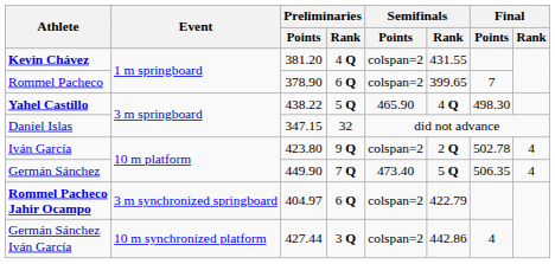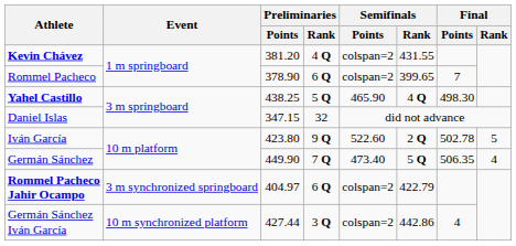 <table class=wikitable style="font-size:90%;">
 <tr>
 <th rowspan="2">Athlete</th>
 <th rowspan="2">Event</th>
 <th colspan="2">Preliminaries</th>
 <th colspan="2">Semifinals</th>
 <th colspan="2">Final</th>
 </tr>
 <tr style="font-size:95%">
 <th>Points</th>
 <th>Rank</th>
 <th>Points</th>
 <th>Rank</th>
 <th>Points</th>
 <th>Rank</th>
 </tr>
 <tr align=center>
 <td align=left><strong><a href='#'>Kevin Chávez</a></strong></td>
 <td align=left rowspan=2><a href='#'>1 m springboard</a></td>
 <td>381.20</td>
 <td>4 <strong>Q</strong></td>
 <td>colspan=2 </td>
 <td>431.55</td>
 <td></td>
 </tr>
 <tr align=center>
 <td align=left><a href='#'>Rommel Pacheco</a></td>
 <td>378.90</td>
 <td>6 <strong>Q</strong></td>
 <td>colspan=2 </td>
 <td>399.65</td>
 <td>7</td>
 </tr>
 <tr align=center>
 <td align=left><strong><a href='#'>Yahel Castillo</a></strong></td>
 <td align=left rowspan=2><a href='#'>3 m springboard</a></td>
-<td>438.22</td>
+<td>438.25</td>
 <td>5 <strong>Q</strong></td>
 <td>465.90</td>
 <td>4 <strong>Q</strong></td>
 <td>498.30</td>
 <td></td>
 </tr>
 <tr align=center>
 <td align=left><a href='#'>Daniel Islas</a></td>
 <td>347.15</td>
 <td>32</td>
 <td colspan=4>did not advance</td>
 </tr>
 <tr align=center>
 <td align=left><a href='#'>Iván García</a></td>
 <td align=left rowspan=2><a href='#'>10 m platform</a></td>
 <td>423.80</td>
 <td>9 <strong>Q</strong></td>
-<td>colspan=2 </td>
+<td>522.60</td>
 <td>2 <strong>Q</strong></td>
 <td>502.78</td>
-<td>4</td>
+<td>5</td>
 </tr>
 <tr align=center>
 <td align=left><a href='#'>Germán Sánchez</a></td>
 <td>449.90</td>
 <td>7 <strong>Q</strong></td>
 <td>473.40</td>
 <td>5 <strong>Q</strong></td>
 <td>506.35</td>
 <td>4</td>
 </tr>
 <tr align=center>
 <td align=left><strong><a href='#'>Rommel Pacheco</a><br><a href='#'>Jahir Ocampo</a></strong></td>
 <td align=left><a href='#'>3 m synchronized springboard</a></td>
 <td>404.97</td>
 <td>6 <strong>Q</strong></td>
 <td>colspan=2 </td>
 <td>422.79</td>
 <td></td>
 </tr>
 <tr align=center>
 <td align="left"><a href='#'>Germán Sánchez</a><br><a href='#'>Iván García</a></td>
 <td align=left><a href='#'>10 m synchronized platform</a></td>
 <td>427.44</td>
 <td>3 <strong>Q</strong></td>
 <td>colspan=2 </td>
 <td>442.86</td>
 <td>4</td>
 </tr>
 </table>
